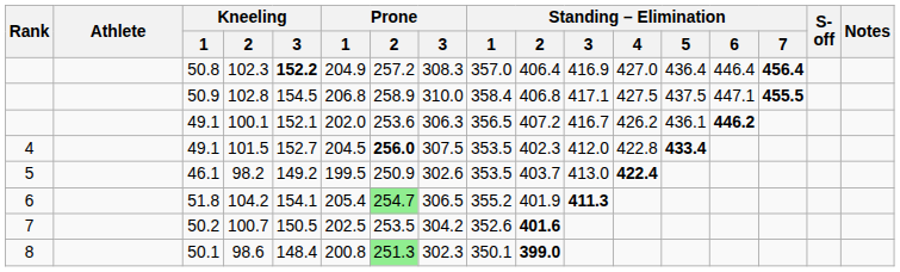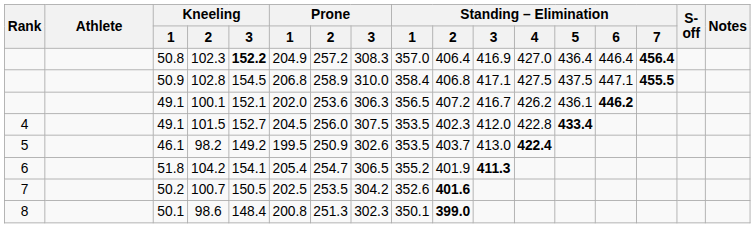 <table class="wikitable" style="text-align:center">
 <tr>
 <th rowspan=2 width=40>Rank</th>
 <th rowspan=2 width=250>Athlete</th>
 <th colspan=3>Kneeling</th>
 <th colspan=3>Prone</th>
 <th colspan=7>Standing – Elimination</th>
 <th rowspan=2 width=35>S-off</th>
 <th rowspan=2 width=45>Notes</th>
 </tr>
 <tr>
 <th width=35>1</th>
 <th width=35>2</th>
 <th width=35>3</th>
 <th width=35>1</th>
 <th width=35>2</th>
 <th width=35>3</th>
 <th width=35>1</th>
 <th width=35>2</th>
 <th width=35>3</th>
 <th width=35>4</th>
 <th width=35>5</th>
 <th width=35>6</th>
 <th width=35>7</th>
 </tr>
 <tr>
 <td></td>
 <td align=left></td>
 <td>50.8</td>
 <td>102.3</td>
 <td><strong>152.2</strong></td>
 <td>204.9</td>
 <td>257.2</td>
 <td>308.3</td>
 <td>357.0</td>
 <td>406.4</td>
 <td>416.9</td>
 <td>427.0</td>
 <td>436.4</td>
 <td>446.4</td>
 <td><strong>456.4</strong></td>
 <td></td>
 <td></td>
 </tr>
 <tr>
 <td></td>
 <td align=left></td>
 <td>50.9</td>
 <td>102.8</td>
 <td>154.5</td>
 <td>206.8</td>
 <td>258.9</td>
 <td>310.0</td>
 <td>358.4</td>
 <td>406.8</td>
 <td>417.1</td>
 <td>427.5</td>
 <td>437.5</td>
 <td>447.1</td>
 <td><strong>455.5</strong></td>
 <td></td>
 <td></td>
 </tr>
 <tr>
 <td></td>
 <td align=left></td>
 <td>49.1</td>
 <td>100.1</td>
 <td>152.1</td>
 <td>202.0</td>
 <td>253.6</td>
 <td>306.3</td>
 <td>356.5</td>
 <td>407.2</td>
 <td>416.7</td>
 <td>426.2</td>
 <td>436.1</td>
 <td><strong>446.2</strong></td>
 <td></td>
 <td></td>
 <td></td>
 </tr>
 <tr>
 <td>4</td>
 <td align=left></td>
 <td>49.1</td>
 <td>101.5</td>
 <td>152.7</td>
 <td>204.5</td>
-<td><strong>256.0</strong></td>
+<td>256.0</td>
 <td>307.5</td>
 <td>353.5</td>
 <td>402.3</td>
 <td>412.0</td>
 <td>422.8</td>
 <td><strong>433.4</strong></td>
 <td></td>
 <td></td>
 <td></td>
 <td></td>
 </tr>
 <tr>
 <td>5</td>
 <td align=left></td>
 <td>46.1</td>
 <td>98.2</td>
 <td>149.2</td>
 <td>199.5</td>
 <td>250.9</td>
 <td>302.6</td>
 <td>353.5</td>
 <td>403.7</td>
 <td>413.0</td>
 <td><strong>422.4</strong></td>
 <td></td>
 <td></td>
 <td></td>
 <td></td>
 <td></td>
 </tr>
 <tr>
 <td>6</td>
 <td align=left></td>
 <td>51.8</td>
 <td>104.2</td>
 <td>154.1</td>
 <td>205.4</td>
-<td style="background: lightgreen;">254.7</td>
+<td>254.7</td>
 <td>306.5</td>
 <td>355.2</td>
 <td>401.9</td>
 <td><strong>411.3</strong></td>
 <td></td>
 <td></td>
 <td></td>
 <td></td>
 <td></td>
 <td></td>
 </tr>
 <tr>
 <td>7</td>
 <td align=left></td>
 <td>50.2</td>
 <td>100.7</td>
 <td>150.5</td>
 <td>202.5</td>
 <td>253.5</td>
 <td>304.2</td>
 <td>352.6</td>
 <td><strong>401.6</strong></td>
 <td></td>
 <td></td>
 <td></td>
 <td></td>
 <td></td>
 <td></td>
 <td></td>
 </tr>
 <tr>
 <td>8</td>
 <td align=left></td>
 <td>50.1</td>
 <td>98.6</td>
 <td>148.4</td>
 <td>200.8</td>
-<td style="background: lightgreen;">251.3</td>
+<td>251.3</td>
 <td>302.3</td>
 <td>350.1</td>
 <td><strong>399.0</strong></td>
 <td></td>
 <td></td>
 <td></td>
 <td></td>
 <td></td>
 <td></td>
 <td></td>
 </tr>
 </table>
